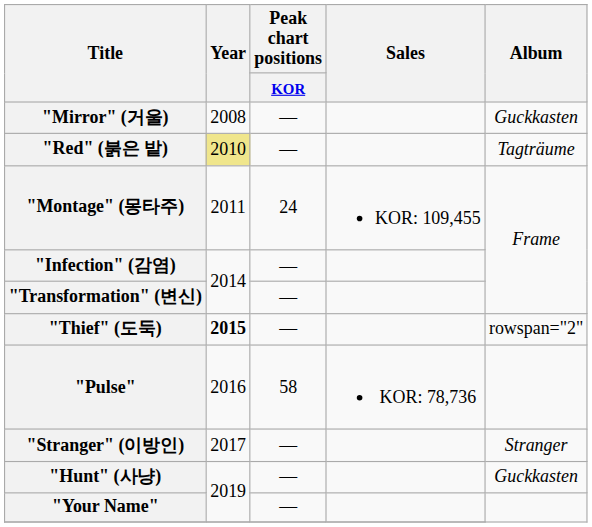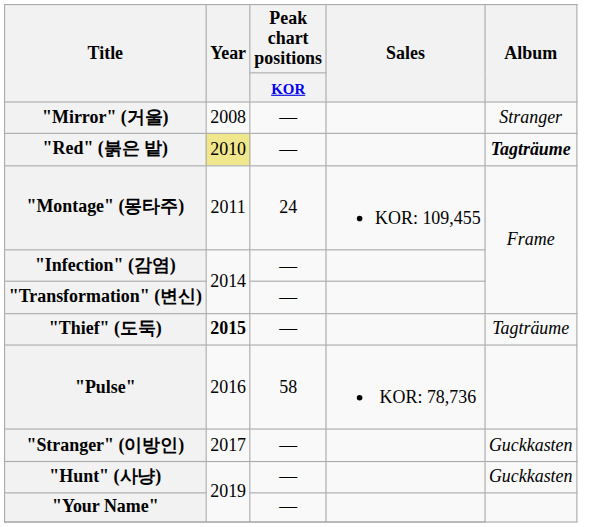 <table class="wikitable plainrowheaders" style="text-align:center;">
 <tr>
 <th rowspan="2" scope="col">Title</th>
 <th rowspan="2" scope="col">Year</th>
 <th scope="col" style="width:3em;">Peak chart positions</th>
 <th rowspan="2" scope="col">Sales</th>
 <th rowspan="2" scope="col">Album</th>
 </tr>
 <tr>
 <th><small><a href='#'>KOR</a></small><br></th>
 </tr>
 <tr>
 <th scope="row">"Mirror" (거울)</th>
 <td>2008</td>
 <td>—</td>
 <td></td>
-<td><em>Guckkasten</em></td>
+<td><em>Stranger</em></td>
 </tr>
 <tr>
 <th scope="row">"Red" (붉은 밭)</th>
 <td style="background: khaki;">2010</td>
 <td>—</td>
 <td></td>
-<td><em>Tagträume</em></td>
+<td><strong><em>Tagträume</em></strong></td>
 </tr>
 <tr>
 <th scope="row">"Montage" (몽타주)</th>
 <td>2011</td>
 <td>24</td>
 <td><br><ul><li>KOR: 109,455</li></ul></td>
 <td rowspan="3"><em>Frame</em></td>
 </tr>
 <tr>
 <th scope="row">"Infection" (감염)</th>
 <td rowspan="2">2014</td>
 <td>—</td>
 <td></td>
 </tr>
 <tr>
 <th scope="row">"Transformation" (변신)</th>
 <td>—</td>
 <td></td>
 </tr>
 <tr>
 <th scope="row">"Thief" (도둑)</th>
 <td><strong>2015</strong></td>
 <td>—</td>
 <td></td>
-<td>rowspan="2" </td>
+<td><em>Tagträume</em></td>
 </tr>
 <tr>
 <th scope="row">"Pulse"</th>
 <td>2016</td>
 <td>58</td>
 <td><br><ul><li>KOR: 78,736</li></ul></td>
 </tr>
 <tr>
 <th scope="row">"Stranger" (이방인)</th>
 <td>2017</td>
 <td>—</td>
 <td></td>
-<td><em>Stranger</em></td>
+<td><em>Guckkasten</em></td>
 </tr>
 <tr>
 <th scope="row">"Hunt" (사냥)</th>
 <td rowspan="2">2019</td>
 <td>—</td>
 <td></td>
 <td><em>Guckkasten</em></td>
 </tr>
 <tr>
 <th scope="row">"Your Name"</th>
 <td>—</td>
 <td></td>
 </tr>
 <tr>
 </tr>
 </table>
